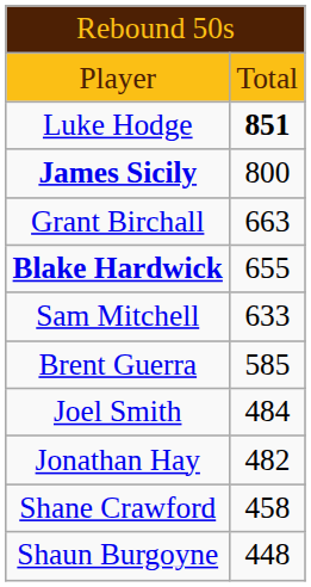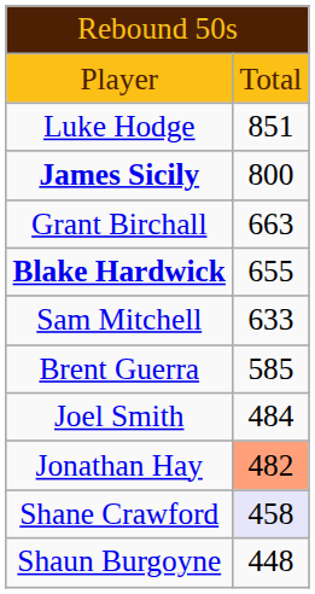 <table class="wikitable" style="text-align:center;">
 <tr>
 <td colspan="2" style="text-align:center; background: #4D2004; color: #FBBF15">Rebound 50s</td>
 </tr>
 <tr>
 <td style="text-align:center; background: #FBBF15; color: #4D2004">Player</td>
 <td style="text-align:center; background: #FBBF15; color: #4D2004">Total</td>
 </tr>
 <tr>
 <td><a href='#'>Luke Hodge</a></td>
-<td><strong>851</strong></td>
+<td>851</td>
 </tr>
 <tr>
 <td><strong><a href='#'>James Sicily</a></strong></td>
 <td>800</td>
 </tr>
 <tr>
 <td><a href='#'>Grant Birchall</a></td>
 <td>663</td>
 </tr>
 <tr>
 <td><strong><a href='#'>Blake Hardwick</a></strong></td>
 <td>655</td>
 </tr>
 <tr>
 <td><a href='#'>Sam Mitchell</a></td>
 <td>633</td>
 </tr>
 <tr>
 <td><a href='#'>Brent Guerra</a></td>
 <td>585</td>
 </tr>
 <tr>
 <td><a href='#'>Joel Smith</a></td>
 <td>484</td>
 </tr>
 <tr>
 <td><a href='#'>Jonathan Hay</a></td>
-<td>482</td>
+<td style="background: lightsalmon;">482</td>
 </tr>
 <tr>
 <td><a href='#'>Shane Crawford</a></td>
-<td>458</td>
+<td style="background: lavender;">458</td>
 </tr>
 <tr>
 <td><a href='#'>Shaun Burgoyne</a></td>
 <td>448</td>
 </tr>
 </table>
